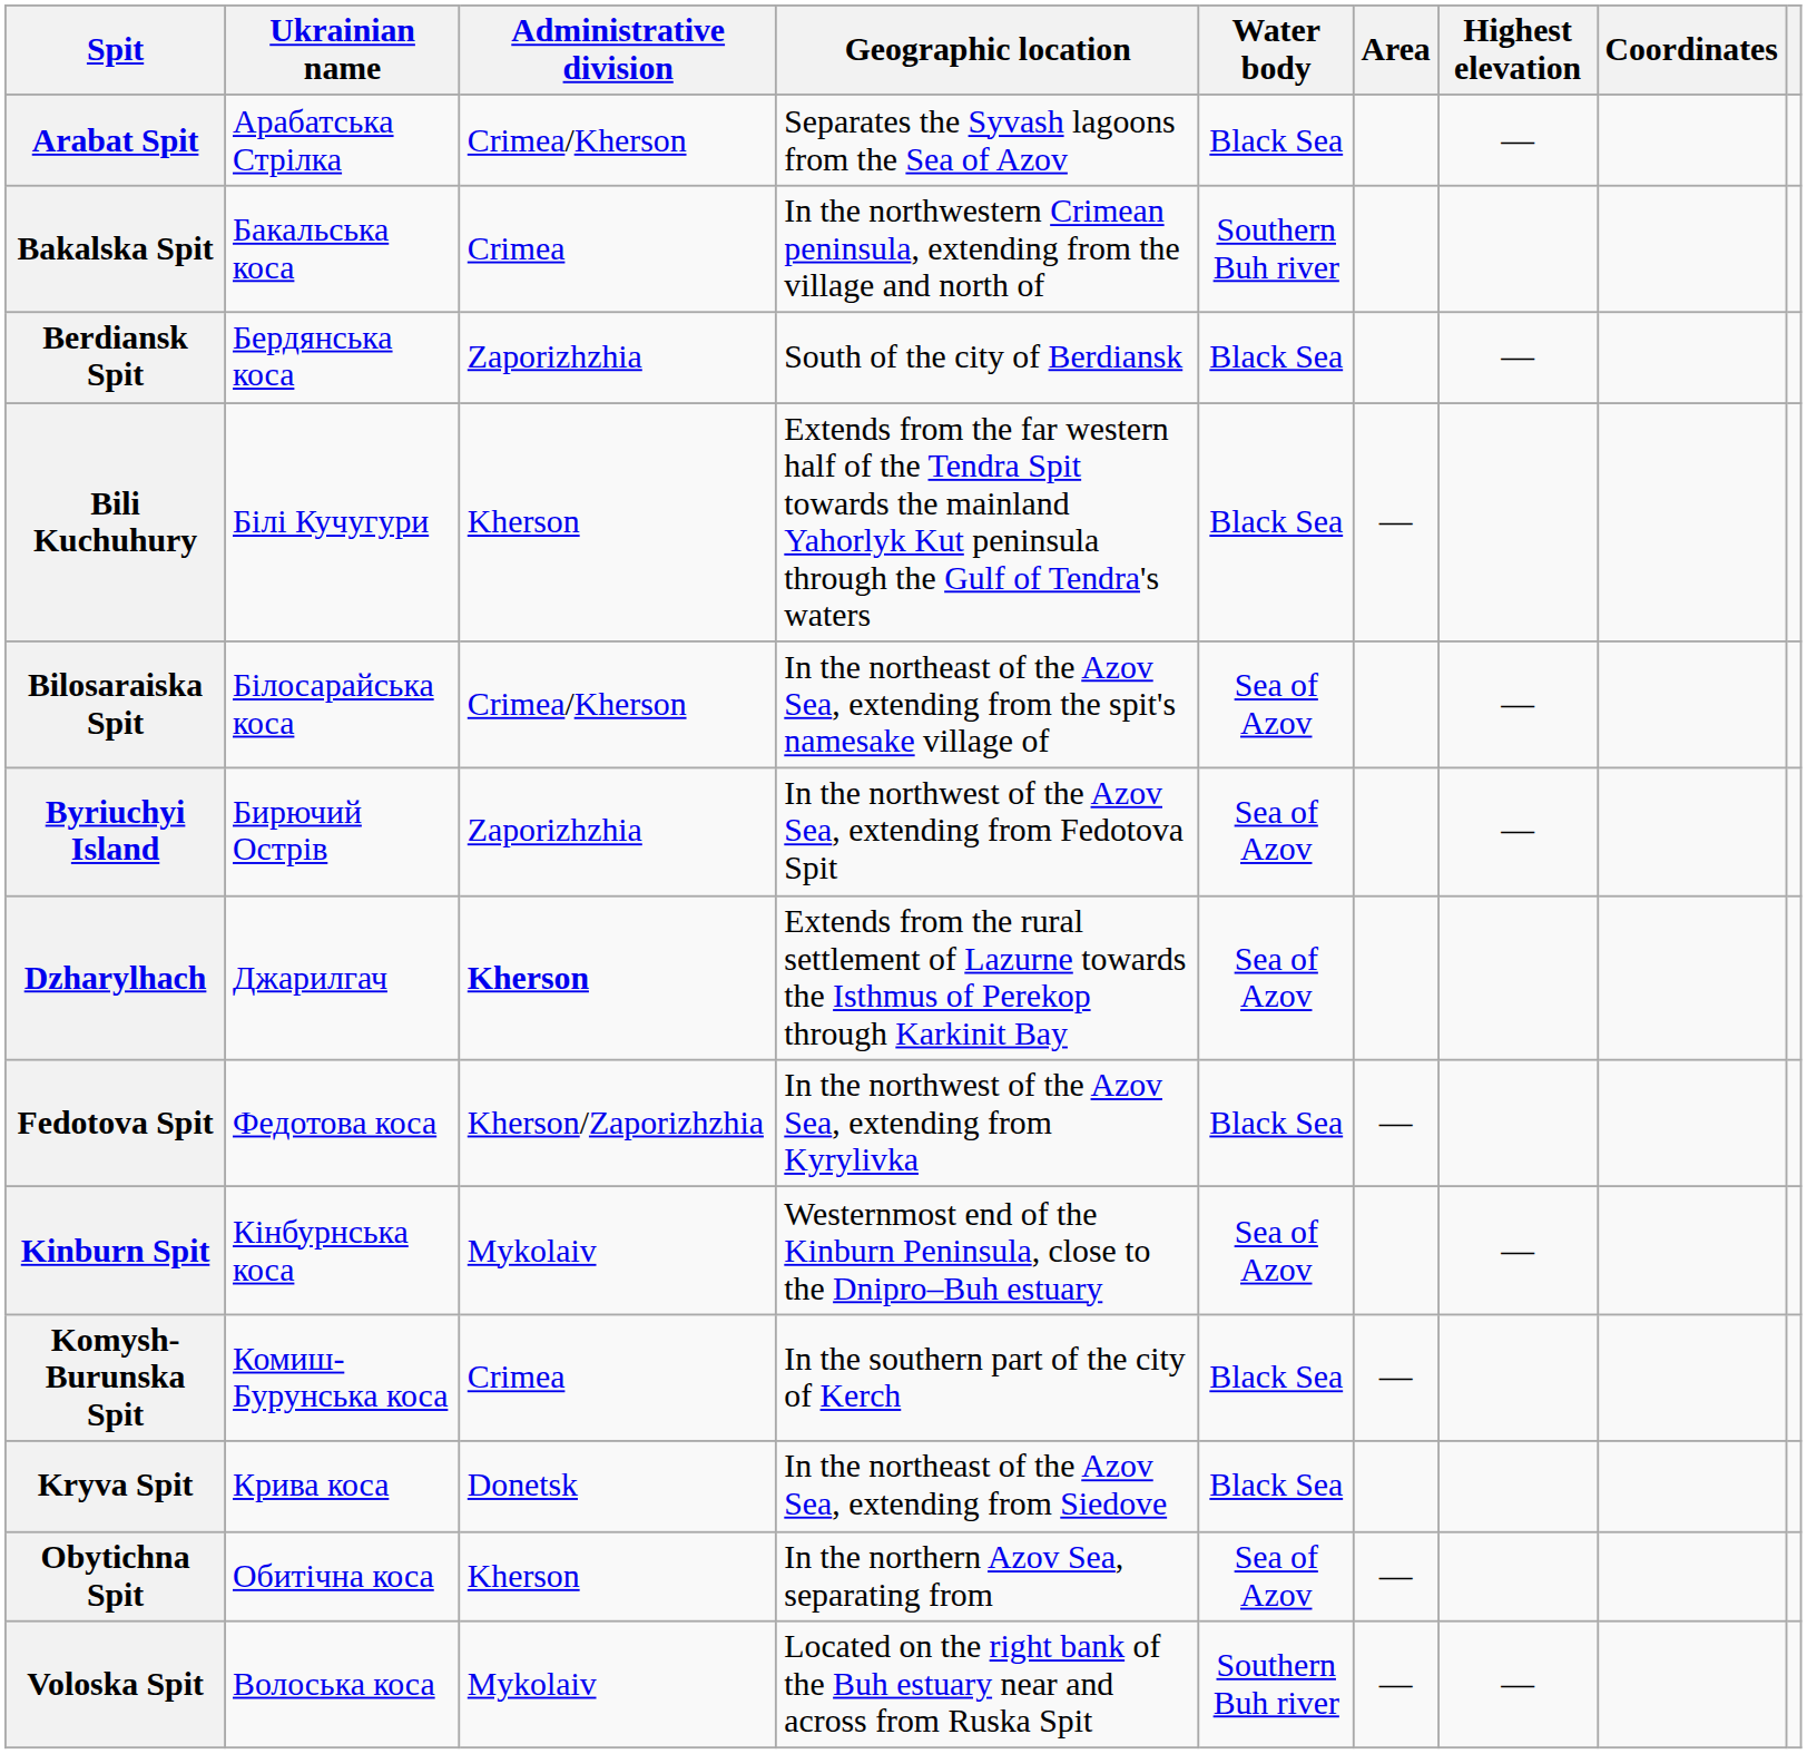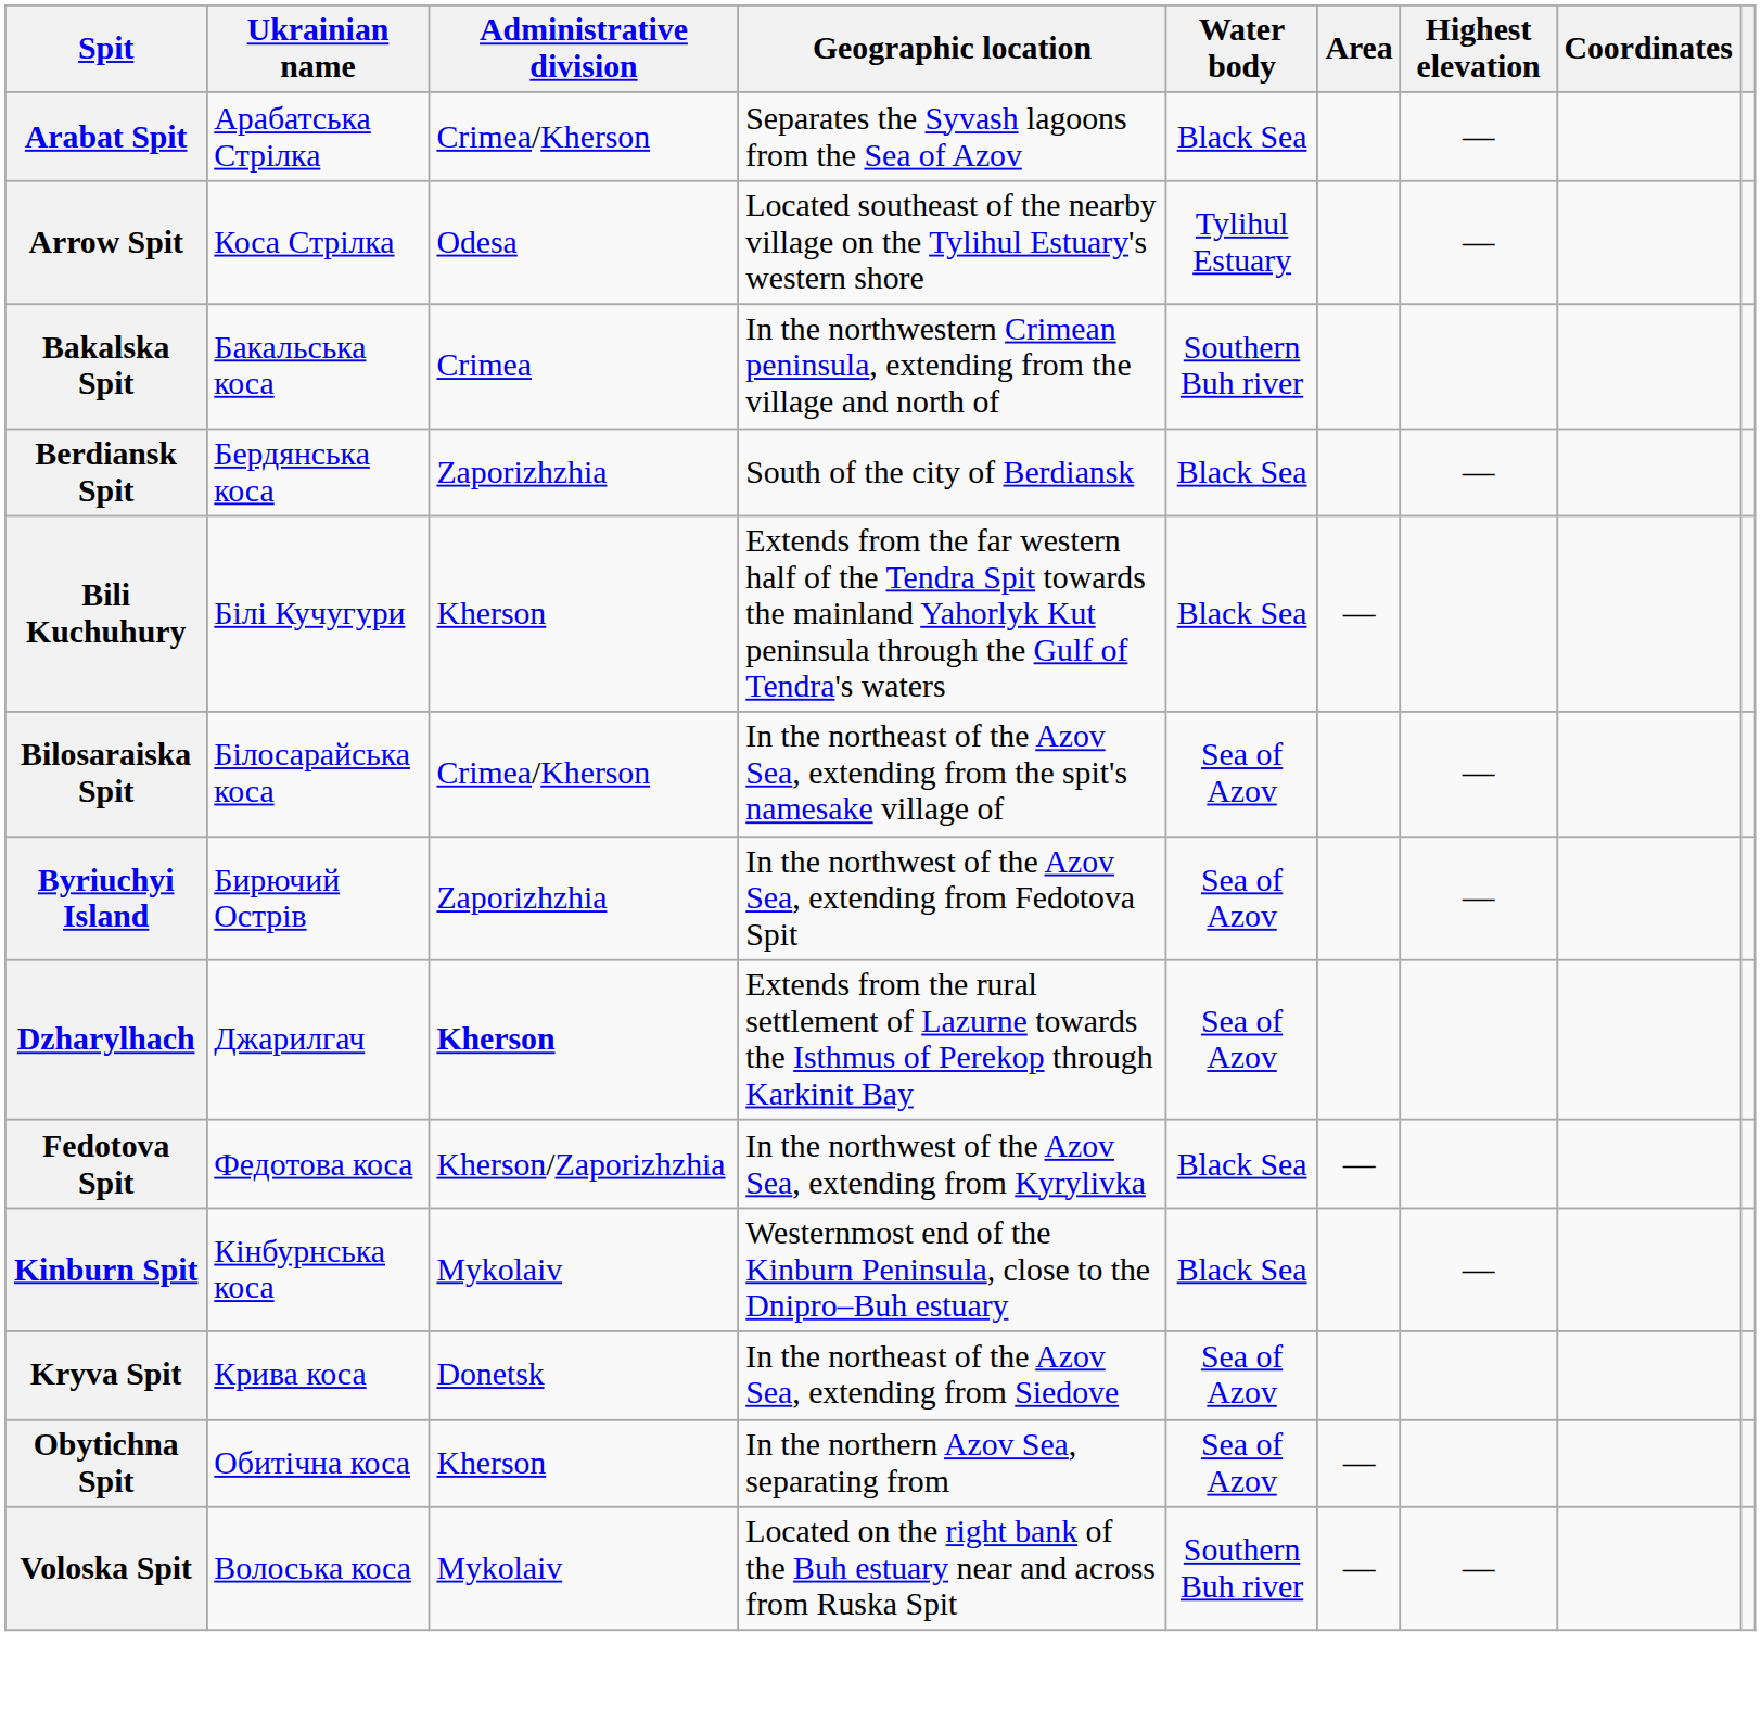 <table class="wikitable sortable sticky-header" id="Table of spits" caption="Tabulated list of ">
 <tr>
 <th scope="col"><a href='#'>Spit</a></th>
 <th scope="col"><a href='#'>Ukrainian</a> name</th>
 <th scope="col"><a href='#'>Administrative division</a></th>
 <th scope="col" class="unsortable">Geographic location</th>
 <th scope="col">Water body</th>
 <th scope="col">Area</th>
 <th scope="col">Highest elevation</th>
 <th scope="col" class="unsortable">Coordinates</th>
 <th scope="col" class="unsortable"></th>
 </tr>
 <tr>
 <th scope="row" align="left"><a href='#'>Arabat Spit</a></th>
 <td><a href='#'>Арабатська Стрілка</a></td>
 <td align=left><a href='#'>Crimea</a>/<a href='#'>Kherson</a></td>
 <td align=left>Separates the <a href='#'>Syvash</a> lagoons from the <a href='#'>Sea of Azov</a></td>
 <td align=center><a href='#'>Black Sea</a></td>
 <td align=right></td>
+<td align=center>—</td>
+<td align=left></td>
+<td align=left></td>
+</tr>
+<tr>
+<th scope="row" align="left">Arrow Spit</th>
+<td><a href='#'>Коса Стрілка</a></td>
+<td align=left><a href='#'>Odesa</a></td>
+<td align=left>Located southeast of the nearby village  on the <a href='#'>Tylihul Estuary</a>'s western shore</td>
+<td align=center><a href='#'>Tylihul Estuary</a></td>
+<td align=right data-sort-value="3.94"></td>
 <td align=center>—</td>
 <td align=left></td>
 <td align=left></td>
 </tr>
 <tr>
 <th scope="row" align="left">Bakalska Spit</th>
 <td><a href='#'>Бакальська коса</a></td>
 <td align=left><a href='#'>Crimea</a></td>
 <td align=left>In the northwestern <a href='#'>Crimean peninsula</a>, extending from the village  and north of </td>
 <td align=center><a href='#'>Southern Buh river</a></td>
 <td align=right data-sort-value="3.00"></td>
 <td align=right></td>
 <td align=left></td>
 <td align=left></td>
 </tr>
 <tr>
 <th scope="row" align="left">Berdiansk Spit</th>
 <td><a href='#'>Бердянська коса</a></td>
 <td align=left><a href='#'>Zaporizhzhia</a></td>
 <td align=left>South of the city of <a href='#'>Berdiansk</a></td>
 <td align=center><a href='#'>Black Sea</a></td>
 <td align=right></td>
 <td align=center>—</td>
 <td align=left></td>
 <td align=left></td>
 </tr>
 <tr>
 <th scope="row" align="left">Bili Kuchuhury</th>
 <td><a href='#'>Білі Кучугури</a></td>
 <td align=left><a href='#'>Kherson</a></td>
 <td align=left>Extends from the far western half of the <a href='#'>Tendra Spit</a> towards the mainland <a href='#'>Yahorlyk Kut</a> peninsula through the <a href='#'>Gulf of Tendra</a>'s waters</td>
 <td align=center><a href='#'>Black Sea</a></td>
 <td align=center>—</td>
 <td align=right></td>
 <td align=left></td>
 <td align=left></td>
 </tr>
 <tr>
 <th scope="row" align="left">Bilosaraiska Spit</th>
 <td><a href='#'>Білосарайська коса</a></td>
 <td align=left><a href='#'>Crimea</a>/<a href='#'>Kherson</a></td>
 <td align=left>In the northeast of the <a href='#'>Azov Sea</a>, extending from the spit's <a href='#'>namesake</a> village of </td>
 <td align=center><a href='#'>Sea of Azov</a></td>
 <td align=right></td>
 <td align=center>—</td>
 <td align=left></td>
 <td align=left></td>
 </tr>
 <tr>
 <th scope="row" align="left"><a href='#'>Byriuchyi Island</a></th>
 <td><a href='#'>Бирючий Острів</a></td>
 <td align=left><a href='#'>Zaporizhzhia</a></td>
 <td align=left>In the northwest of the <a href='#'>Azov Sea</a>, extending from Fedotova Spit</td>
 <td align=center><a href='#'>Sea of Azov</a></td>
 <td align=right></td>
 <td align=center>—</td>
 <td align=left></td>
 <td align=left></td>
 </tr>
 <tr>
 <th scope="row" align="left"><a href='#'>Dzharylhach</a></th>
 <td><a href='#'>Джарилгач</a></td>
 <td align=left><strong><a href='#'>Kherson</a></strong></td>
 <td align=left>Extends from the rural settlement of <a href='#'>Lazurne</a> towards the <a href='#'>Isthmus of Perekop</a> through <a href='#'>Karkinit Bay</a></td>
 <td align=center><a href='#'>Sea of Azov</a></td>
 <td align=right></td>
 <td align=right></td>
 <td align=left></td>
 <td align=left></td>
 </tr>
 <tr>
 <th scope="row" align="left">Fedotova Spit</th>
 <td><a href='#'>Федотова коса</a></td>
 <td align=left><a href='#'>Kherson</a>/<a href='#'>Zaporizhzhia</a></td>
 <td align=left>In the northwest of the <a href='#'>Azov Sea</a>, extending from <a href='#'>Kyrylivka</a></td>
 <td align=center><a href='#'>Black Sea</a></td>
 <td align=center>—</td>
 <td align=right></td>
 <td align=left></td>
 <td align=left></td>
 </tr>
 <tr>
 <th scope="row" align="left"><a href='#'>Kinburn Spit</a></th>
 <td><a href='#'>Кінбурнська коса</a></td>
 <td align=left><a href='#'>Mykolaiv</a></td>
 <td align=left>Westernmost end of the <a href='#'>Kinburn Peninsula</a>, close to the <a href='#'>Dnipro–Buh estuary</a></td>
-<td align=center><a href='#'>Sea of Azov</a></td>
+<td align=center><a href='#'>Black Sea</a></td>
 <td align=right></td>
 <td align=center>—</td>
-<td align=left></td>
-<td align=left></td>
-</tr>
-<tr>
-<th scope="row" align="left">Komysh-Burunska Spit</th>
-<td><a href='#'>Комиш-Бурунська коса</a></td>
-<td align=left><a href='#'>Crimea</a></td>
-<td align=left>In the southern part of the city of <a href='#'>Kerch</a></td>
-<td align=center><a href='#'>Black Sea</a></td>
-<td align=center>—</td>
-<td align=right></td>
 <td align=left></td>
 <td align=left></td>
 </tr>
 <tr>
 <th scope="row" align="left">Kryva Spit</th>
 <td><a href='#'>Крива коса</a></td>
 <td align=left><a href='#'>Donetsk</a></td>
 <td align=left>In the northeast of the <a href='#'>Azov Sea</a>, extending from <a href='#'>Siedove</a></td>
-<td align=center><a href='#'>Black Sea</a></td>
+<td align=center><a href='#'>Sea of Azov</a></td>
 <td align=right></td>
 <td align=right></td>
 <td align=left></td>
 <td align=left></td>
 </tr>
 <tr>
 <th scope="row" align="left">Obytichna Spit</th>
 <td><a href='#'>Обитічна коса</a></td>
 <td align=left><a href='#'>Kherson</a></td>
 <td align=left>In the northern <a href='#'>Azov Sea</a>, separating  from </td>
 <td align=center><a href='#'>Sea of Azov</a></td>
 <td align=center>—</td>
 <td align=right></td>
 <td align=left></td>
 <td align=left><br></td>
 </tr>
 <tr>
 <th scope="row" align="left">Voloska Spit</th>
 <td><a href='#'>Волоська коса</a></td>
 <td align=left><a href='#'>Mykolaiv</a></td>
 <td align=left>Located on the <a href='#'>right bank</a> of the <a href='#'>Buh estuary</a> near  and across from Ruska Spit</td>
 <td align=center><a href='#'>Southern Buh river</a></td>
 <td align=center>—</td>
 <td align=center>—</td>
 <td align=left></td>
 <td align=left></td>
 </tr>
 </table>
